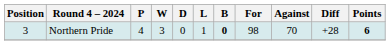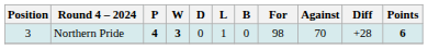 <table class="wikitable" style="text-align:center; font-size:85%;">
 <tr style="background: #d7ebed;">
 <th width="40" abbr="Position">Position</th>
 <th width="100">Round 4 – 2024</th>
 <th width="20" abbr="Played">P</th>
 <th width="20" abbr="Won">W</th>
 <th width="20" abbr="Drawn">D</th>
 <th width="20" abbr="Lost">L</th>
 <th width="20" abbr="Bye">B</th>
 <th width="40" abbr="Points for">For</th>
 <th width="40" abbr="Points against">Against</th>
 <th width="40" abbr="Points difference">Diff</th>
 <th width="40" abbr="Points">Points</th>
 </tr>
 <tr style="background: #d7ebed;">
 <td>3</td>
 <td style="text-align:left;"> Northern Pride</td>
-<td>4</td>
-<td>3</td>
+<td><strong>4</strong></td>
+<td><strong>3</strong></td>
 <td>0</td>
 <td>1</td>
-<td><strong>0</strong></td>
+<td>0</td>
 <td>98</td>
 <td>70</td>
 <td>+28</td>
 <td><strong>6</strong></td>
 </tr>
 <tr>
 </tr>
 </table>
